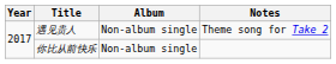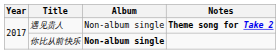 <table class="wikitable sortable">
 <tr>
 <th>Year</th>
 <th>Title</th>
 <th>Album</th>
 <th class="unsortable">Notes</th>
 </tr>
 <tr>
 <td rowspan=2>2017</td>
 <td><em>遇见贵人</em></td>
 <td>Non-album single</td>
-<td>Theme song for <em><a href='#'>Take 2</a></em></td>
+<td><strong>Theme song for <em><a href='#'>Take 2</a></em></strong></td>
 </tr>
 <tr>
 <td><em>你比从前快乐</em></td>
-<td>Non-album single</td>
+<td><strong>Non-album single</strong></td>
 <td></td>
 </tr>
 </table>
